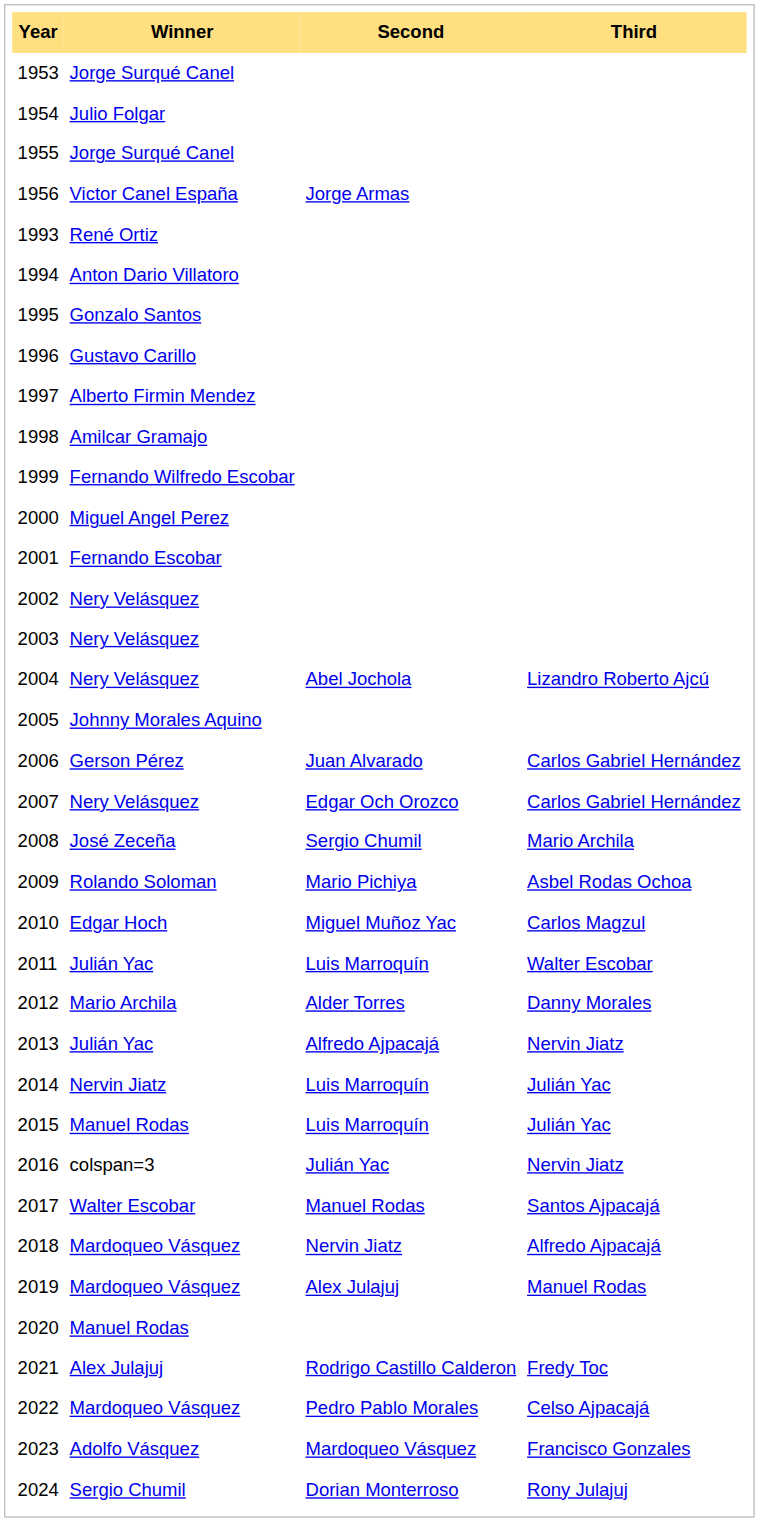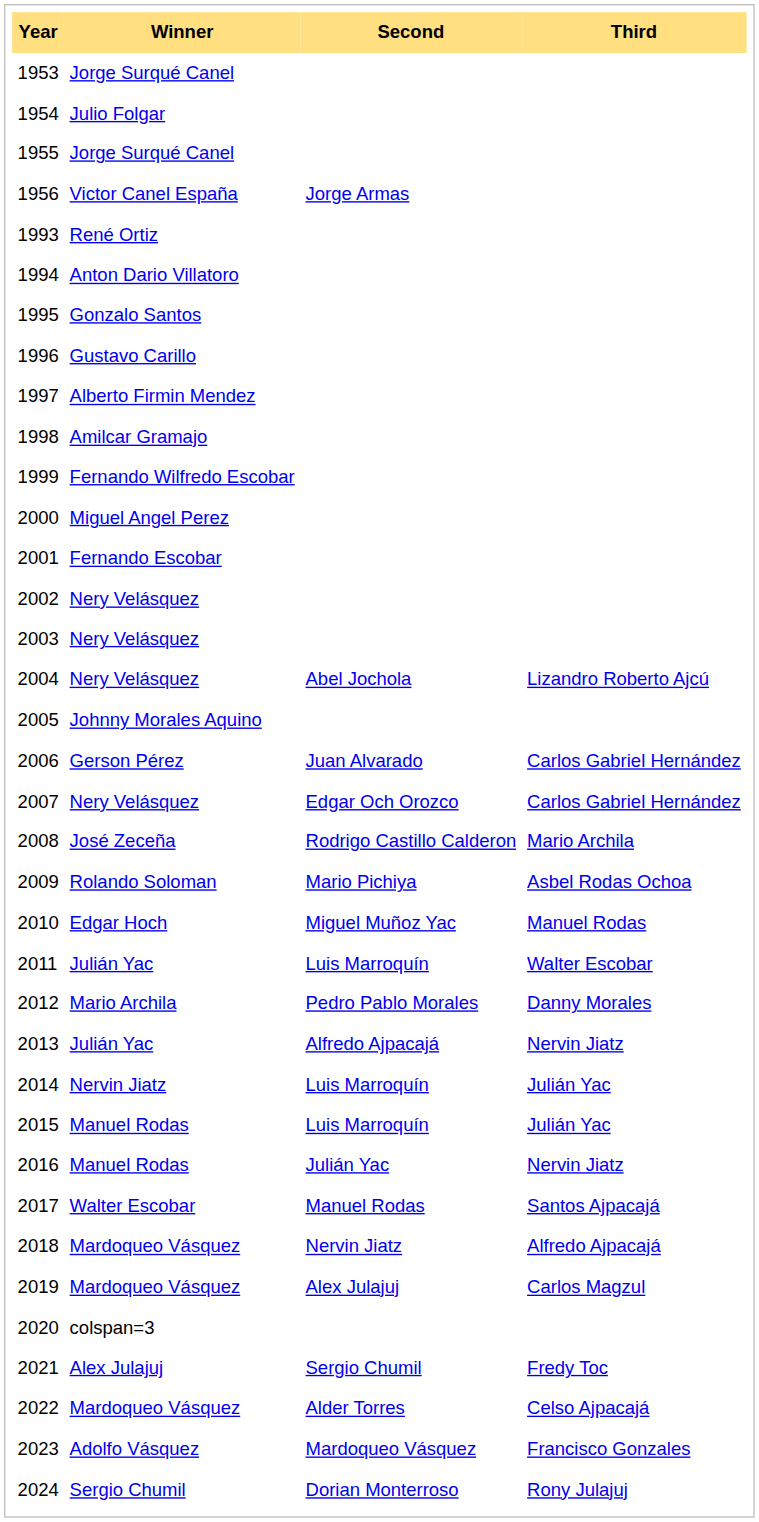 <table cellpadding="4" cellspacing="0"  style="border: 1px solid silver; color: black; margin: 0 0 0.5em 0; background-color: white; padding: 5px; text-align: left; font-size:85%; vertical-align: top; line-height:1.6em;">
 <tr>
 <th scope=col; align="center" bgcolor="FFDF80">Year</th>
 <th scope=col; align="center" bgcolor="FFDF80">Winner</th>
 <th scope=col; align="center" bgcolor="FFDF80">Second</th>
 <th scope=col; align="center" bgcolor="FFDF80">Third</th>
 </tr>
 <tr>
 <td>1953</td>
 <td><a href='#'>Jorge Surqué Canel</a></td>
 <td></td>
 <td></td>
 </tr>
 <tr>
 <td>1954</td>
 <td><a href='#'>Julio Folgar</a></td>
 <td></td>
 <td></td>
 </tr>
 <tr>
 <td>1955</td>
 <td><a href='#'>Jorge Surqué Canel</a></td>
 <td></td>
 <td></td>
 </tr>
 <tr>
 <td>1956</td>
 <td><a href='#'>Victor Canel España</a></td>
 <td><a href='#'>Jorge Armas</a></td>
 <td></td>
 </tr>
 <tr>
 <td>1993</td>
 <td><a href='#'>René Ortiz</a></td>
 <td></td>
 <td></td>
 </tr>
 <tr>
 <td>1994</td>
 <td><a href='#'>Anton Dario Villatoro</a></td>
 <td></td>
 <td></td>
 </tr>
 <tr>
 <td>1995</td>
 <td><a href='#'>Gonzalo Santos</a></td>
 <td></td>
 <td></td>
 </tr>
 <tr>
 <td>1996</td>
 <td><a href='#'>Gustavo Carillo</a></td>
 <td></td>
 <td></td>
 </tr>
 <tr>
 <td>1997</td>
 <td><a href='#'>Alberto Firmin Mendez</a></td>
 <td></td>
 <td></td>
 </tr>
 <tr>
 <td>1998</td>
 <td><a href='#'>Amilcar Gramajo</a></td>
 <td></td>
 <td></td>
 </tr>
 <tr>
 <td>1999</td>
 <td><a href='#'>Fernando Wilfredo Escobar</a></td>
 <td></td>
 <td></td>
 </tr>
 <tr>
 <td>2000</td>
 <td><a href='#'>Miguel Angel Perez</a></td>
 <td></td>
 <td></td>
 </tr>
 <tr>
 <td>2001</td>
 <td><a href='#'>Fernando Escobar</a></td>
 <td></td>
 <td></td>
 </tr>
 <tr>
 <td>2002</td>
 <td><a href='#'>Nery Velásquez</a></td>
 <td></td>
 <td></td>
 </tr>
 <tr>
 <td>2003</td>
 <td><a href='#'>Nery Velásquez</a></td>
 <td></td>
 <td></td>
 </tr>
 <tr>
 <td>2004</td>
 <td><a href='#'>Nery Velásquez</a></td>
 <td><a href='#'>Abel Jochola</a></td>
 <td><a href='#'>Lizandro Roberto Ajcú</a></td>
 </tr>
 <tr>
 <td>2005</td>
 <td><a href='#'>Johnny Morales Aquino</a></td>
 <td></td>
 <td></td>
 </tr>
 <tr>
 <td>2006</td>
 <td><a href='#'>Gerson Pérez</a></td>
 <td><a href='#'>Juan Alvarado</a></td>
 <td><a href='#'>Carlos Gabriel Hernández</a></td>
 </tr>
 <tr>
 <td>2007</td>
 <td><a href='#'>Nery Velásquez</a></td>
 <td><a href='#'>Edgar Och Orozco</a></td>
 <td><a href='#'>Carlos Gabriel Hernández</a></td>
 </tr>
 <tr>
 <td>2008</td>
 <td><a href='#'>José Zeceña</a></td>
-<td><a href='#'>Sergio Chumil</a></td>
+<td><a href='#'>Rodrigo Castillo Calderon</a></td>
 <td><a href='#'>Mario Archila</a></td>
 </tr>
 <tr>
 <td>2009</td>
 <td><a href='#'>Rolando Soloman</a></td>
 <td><a href='#'>Mario Pichiya</a></td>
 <td><a href='#'>Asbel Rodas Ochoa</a></td>
 </tr>
 <tr>
 <td>2010</td>
 <td><a href='#'>Edgar Hoch</a></td>
 <td><a href='#'>Miguel Muñoz Yac</a></td>
-<td><a href='#'>Carlos Magzul</a></td>
+<td><a href='#'>Manuel Rodas</a></td>
 </tr>
 <tr>
 <td>2011</td>
 <td><a href='#'>Julián Yac</a></td>
 <td><a href='#'>Luis Marroquín</a></td>
 <td><a href='#'>Walter Escobar</a></td>
 </tr>
 <tr>
 <td>2012</td>
 <td><a href='#'>Mario Archila</a></td>
-<td><a href='#'>Alder Torres</a></td>
+<td><a href='#'>Pedro Pablo Morales</a></td>
 <td><a href='#'>Danny Morales</a></td>
 </tr>
 <tr>
 <td>2013</td>
 <td><a href='#'>Julián Yac</a></td>
 <td><a href='#'>Alfredo Ajpacajá</a></td>
 <td><a href='#'>Nervin Jiatz</a></td>
 </tr>
 <tr>
 <td>2014</td>
 <td><a href='#'>Nervin Jiatz</a></td>
 <td><a href='#'>Luis Marroquín</a></td>
 <td><a href='#'>Julián Yac</a></td>
 </tr>
 <tr>
 <td>2015</td>
 <td><a href='#'>Manuel Rodas</a></td>
 <td><a href='#'>Luis Marroquín</a></td>
 <td><a href='#'>Julián Yac</a></td>
 </tr>
 <tr>
 <td>2016</td>
-<td>colspan=3 </td>
+<td><a href='#'>Manuel Rodas</a></td>
 <td><a href='#'>Julián Yac</a></td>
 <td><a href='#'>Nervin Jiatz</a></td>
 </tr>
 <tr>
 <td>2017</td>
 <td><a href='#'>Walter Escobar</a></td>
 <td><a href='#'>Manuel Rodas</a></td>
 <td><a href='#'>Santos Ajpacajá</a></td>
 </tr>
 <tr>
 <td>2018</td>
 <td><a href='#'>Mardoqueo Vásquez</a></td>
 <td><a href='#'>Nervin Jiatz</a></td>
 <td><a href='#'>Alfredo Ajpacajá</a></td>
 </tr>
 <tr>
 <td>2019</td>
 <td><a href='#'>Mardoqueo Vásquez</a></td>
 <td><a href='#'>Alex Julajuj</a></td>
-<td><a href='#'>Manuel Rodas</a></td>
+<td><a href='#'>Carlos Magzul</a></td>
 </tr>
 <tr>
 <td>2020</td>
-<td><a href='#'>Manuel Rodas</a></td>
+<td>colspan=3 </td>
 </tr>
 <tr>
 <td>2021</td>
 <td><a href='#'>Alex Julajuj</a></td>
-<td><a href='#'>Rodrigo Castillo Calderon</a></td>
+<td><a href='#'>Sergio Chumil</a></td>
 <td><a href='#'>Fredy Toc</a></td>
 </tr>
 <tr>
 <td>2022</td>
 <td><a href='#'>Mardoqueo Vásquez</a></td>
-<td><a href='#'>Pedro Pablo Morales</a></td>
+<td><a href='#'>Alder Torres</a></td>
 <td><a href='#'>Celso Ajpacajá</a></td>
 </tr>
 <tr>
 <td>2023</td>
 <td><a href='#'>Adolfo Vásquez</a></td>
 <td><a href='#'>Mardoqueo Vásquez</a></td>
 <td><a href='#'>Francisco Gonzales</a></td>
 </tr>
 <tr>
 <td>2024</td>
 <td><a href='#'>Sergio Chumil</a></td>
 <td><a href='#'>Dorian Monterroso</a></td>
 <td><a href='#'>Rony Julajuj</a></td>
 </tr>
 </table>
